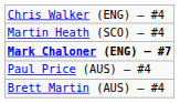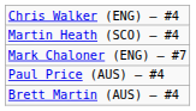 <table class="wikitable">
 <tr>
 <td><a href='#'>Chris Walker</a> (ENG) – #4</td>
 </tr>
 <tr>
 <td><a href='#'>Martin Heath</a> (SCO) – #4</td>
 </tr>
 <tr>
-<td><strong><a href='#'>Mark Chaloner</a> (ENG) – #7</strong></td>
+<td><a href='#'>Mark Chaloner</a> (ENG) – #7</td>
 </tr>
 <tr>
 <td><a href='#'>Paul Price</a> (AUS) – #4</td>
 </tr>
 <tr>
 <td><a href='#'>Brett Martin</a> (AUS) – #4</td>
 </tr>
 </table>
